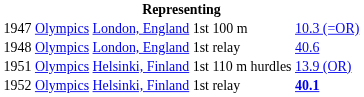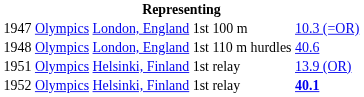 <table>
 <tr>
 <th colspan="6">Representing </th>
 </tr>
 <tr>
 <td>1947</td>
 <td><a href='#'>Olympics</a></td>
 <td><a href='#'>London, England</a></td>
 <td>1st</td>
 <td>100 m</td>
 <td><a href='#'>10.3 (=OR)</a></td>
 </tr>
 <tr>
 <td>1948</td>
 <td><a href='#'>Olympics</a></td>
 <td><a href='#'>London, England</a></td>
 <td>1st</td>
-<td> relay</td>
+<td>110 m hurdles</td>
 <td><a href='#'>40.6</a></td>
 </tr>
 <tr>
 <td>1951</td>
 <td><a href='#'>Olympics</a></td>
 <td><a href='#'>Helsinki, Finland</a></td>
 <td>1st</td>
-<td>110 m hurdles</td>
+<td> relay</td>
 <td><a href='#'>13.9 (OR)</a></td>
 </tr>
 <tr>
 <td>1952</td>
 <td><a href='#'>Olympics</a></td>
 <td><a href='#'>Helsinki, Finland</a></td>
 <td>1st</td>
 <td> relay</td>
 <td><strong><a href='#'>40.1</a></strong></td>
 </tr>
 </table>
